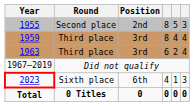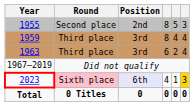 <table class="wikitable" style="text-align: center;">
 <tr>
 <th>Year</th>
 <th>Round</th>
 <th>Position</th>
 <th></th>
 <th></th>
 <th></th>
 </tr>
 <tr bgcolor=Silver>
 <td> <a href='#'>1955</a></td>
 <td>Second place</td>
 <td>2nd</td>
 <td>8</td>
 <td>5</td>
 <td>3</td>
 </tr>
 <tr bgcolor=cc9966>
 <td> <a href='#'>1959</a></td>
 <td>Third place</td>
 <td>3rd</td>
 <td>8</td>
 <td>4</td>
 <td>4</td>
 </tr>
 <tr bgcolor=cc9966>
 <td> <a href='#'>1963</a></td>
 <td>Third place</td>
 <td>3rd</td>
 <td>6</td>
 <td>2</td>
 <td>4</td>
 </tr>
 <tr>
 <td>1967–2019</td>
 <td colspan="5" rowspan="1"><em>Did not qualify</em></td>
 </tr>
 <tr>
 <td style="border: 3px solid red"> <a href='#'>2023</a></td>
-<td>Sixth place</td>
-<td>6th</td>
+<td style="background: pink;">Sixth place</td>
+<td style="background: lavender;">6th</td>
 <td>4</td>
 <td>1</td>
-<td>3</td>
+<td style="background: gold;">3</td>
 </tr>
 <tr>
 <td colspan=1><strong>Total</strong></td>
 <td><strong>0 Titles</strong></td>
 <td><strong>0</strong></td>
 <td><strong>0</strong></td>
 <td><strong>0</strong></td>
 <td><strong>0</strong></td>
 </tr>
 </table>
